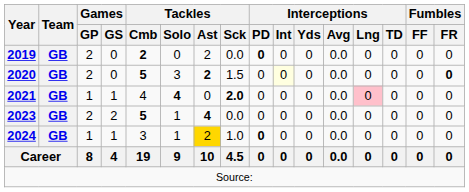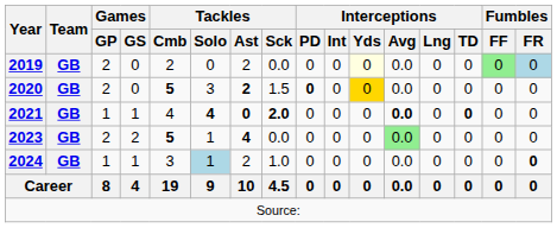 <table class="wikitable" style="text-align: center;">
 <tr>
 <th rowspan="2">Year</th>
 <th rowspan="2">Team</th>
 <th colspan="2">Games</th>
 <th colspan="4">Tackles</th>
 <th colspan="6">Interceptions</th>
 <th colspan="2">Fumbles</th>
 </tr>
 <tr>
 <th>GP</th>
 <th>GS</th>
 <th>Cmb</th>
 <th>Solo</th>
 <th>Ast</th>
 <th>Sck</th>
 <th>PD</th>
 <th>Int</th>
 <th>Yds</th>
 <th>Avg</th>
 <th>Lng</th>
 <th>TD</th>
 <th>FF</th>
 <th>FR</th>
 </tr>
 <tr>
 <th><a href='#'>2019</a></th>
 <th><a href='#'>GB</a></th>
 <td>2</td>
 <td>0</td>
-<td><strong>2</strong></td>
+<td>2</td>
 <td>0</td>
 <td>2</td>
 <td>0.0</td>
-<td><strong>0</strong></td>
 <td>0</td>
 <td>0</td>
+<td style="background: lightyellow;">0</td>
 <td>0.0</td>
 <td>0</td>
 <td>0</td>
-<td>0</td>
-<td>0</td>
+<td style="background: lightgreen;">0</td>
+<td style="background: lightblue;">0</td>
 </tr>
 <tr>
 <th><a href='#'>2020</a></th>
 <th><a href='#'>GB</a></th>
 <td>2</td>
 <td>0</td>
 <td><strong>5</strong></td>
 <td>3</td>
 <td><strong>2</strong></td>
 <td>1.5</td>
+<td><strong>0</strong></td>
 <td>0</td>
-<td style="background: lightyellow;">0</td>
-<td>0</td>
+<td style="background: gold;">0</td>
 <td>0.0</td>
 <td>0</td>
 <td>0</td>
 <td>0</td>
-<td><strong>0</strong></td>
+<td>0</td>
 </tr>
 <tr>
 <th><a href='#'>2021</a></th>
 <th><a href='#'>GB</a></th>
 <td>1</td>
 <td>1</td>
 <td>4</td>
 <td><strong>4</strong></td>
-<td>0</td>
+<td><strong>0</strong></td>
 <td><strong>2.0</strong></td>
 <td>0</td>
 <td>0</td>
 <td>0</td>
-<td>0.0</td>
-<td style="background: pink;">0</td>
+<td><strong>0.0</strong></td>
 <td>0</td>
+<td><strong>0</strong></td>
 <td>0</td>
 <td>0</td>
 </tr>
 <tr>
 <th><a href='#'>2023</a></th>
 <th><a href='#'>GB</a></th>
 <td>2</td>
 <td>2</td>
 <td><strong>5</strong></td>
 <td>1</td>
 <td><strong>4</strong></td>
 <td>0.0</td>
 <td>0</td>
 <td>0</td>
 <td>0</td>
-<td>0.0</td>
+<td style="background: lightgreen;">0.0</td>
 <td>0</td>
 <td>0</td>
 <td>0</td>
 <td>0</td>
 </tr>
 <tr>
 <th><a href='#'>2024</a></th>
 <th><a href='#'>GB</a></th>
 <td>1</td>
 <td>1</td>
 <td>3</td>
-<td>1</td>
-<td style="background: gold;">2</td>
+<td style="background: lightblue;">1</td>
+<td>2</td>
 <td>1.0</td>
-<td><strong>0</strong></td>
+<td>0</td>
 <td>0</td>
 <td>0</td>
 <td>0.0</td>
 <td>0</td>
 <td>0</td>
 <td>0</td>
-<td>0</td>
+<td><strong>0</strong></td>
 </tr>
 <tr>
 <th colspan="2">Career</th>
 <th>8</th>
 <th>4</th>
 <th>19</th>
 <th>9</th>
 <th>10</th>
 <th>4.5</th>
 <th>0</th>
 <th>0</th>
 <th>0</th>
 <th>0.0</th>
 <th>0</th>
 <th>0</th>
 <th>0</th>
 <th>0</th>
 </tr>
 <tr>
 <td colspan="17"><small>Source: </small></td>
 </tr>
 </table>
